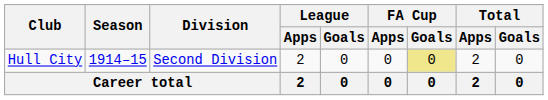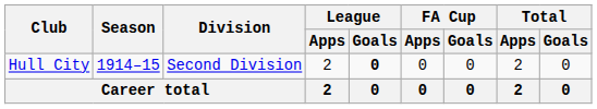 <table class="wikitable" style="text-align:center;">
 <tr>
 <th rowspan="2">Club</th>
 <th rowspan="2">Season</th>
 <th rowspan="2">Division</th>
 <th colspan="2">League</th>
 <th colspan="2">FA Cup</th>
 <th colspan="2">Total</th>
 </tr>
 <tr>
 <th>Apps</th>
 <th>Goals</th>
 <th>Apps</th>
 <th>Goals</th>
 <th>Apps</th>
 <th>Goals</th>
 </tr>
 <tr>
 <td><a href='#'>Hull City</a></td>
 <td><a href='#'>1914–15</a></td>
 <td><a href='#'>Second Division</a></td>
 <td>2</td>
+<td><strong>0</strong></td>
 <td>0</td>
 <td>0</td>
-<td style="background: khaki;">0</td>
 <td>2</td>
 <td>0</td>
 </tr>
 <tr>
 <th colspan="3">Career total</th>
 <th>2</th>
 <th>0</th>
 <th>0</th>
 <th>0</th>
 <th>2</th>
 <th>0</th>
 </tr>
 </table>
